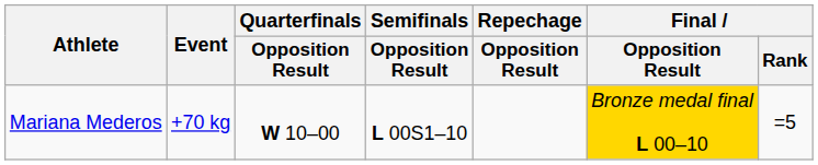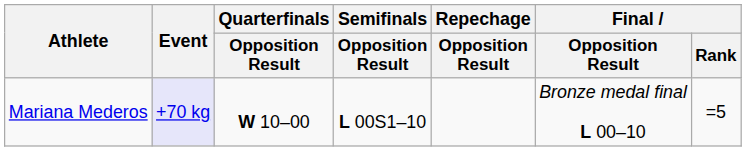 <table class="wikitable" style="font-size:90%">
 <tr>
 <th rowspan="2">Athlete</th>
 <th rowspan="2">Event</th>
 <th>Quarterfinals</th>
 <th>Semifinals</th>
 <th>Repechage</th>
 <th colspan="2">Final / </th>
 </tr>
 <tr style="font-size:95%">
 <th>Opposition<br>Result</th>
 <th>Opposition<br>Result</th>
 <th>Opposition<br>Result</th>
 <th>Opposition<br>Result</th>
 <th>Rank</th>
 </tr>
 <tr align=center>
 <td align=left><a href='#'>Mariana Mederos</a></td>
-<td align=left><a href='#'>+70 kg</a></td>
+<td align=left style="background: lavender;"><a href='#'>+70 kg</a></td>
 <td><br><strong>W</strong> 10–00</td>
 <td><br><strong>L</strong> 00S1–10</td>
 <td></td>
-<td style="background: gold;"><em>Bronze medal final</em><br><br><strong>L</strong> 00–10</td>
+<td><em>Bronze medal final</em><br><br><strong>L</strong> 00–10</td>
 <td>=5</td>
 </tr>
 </table>
